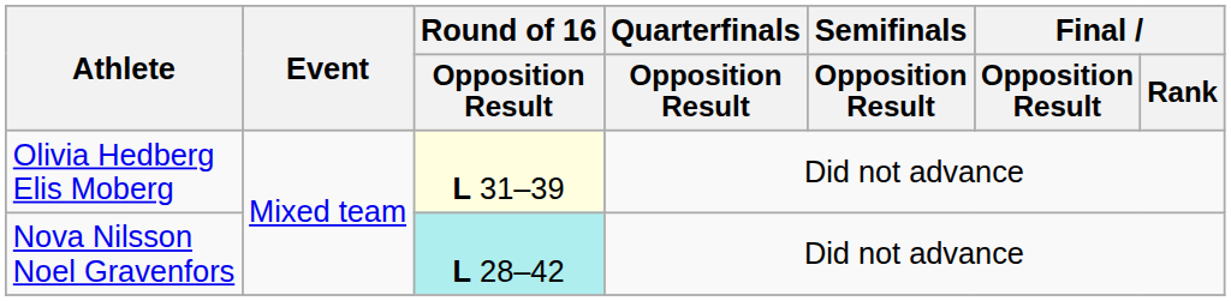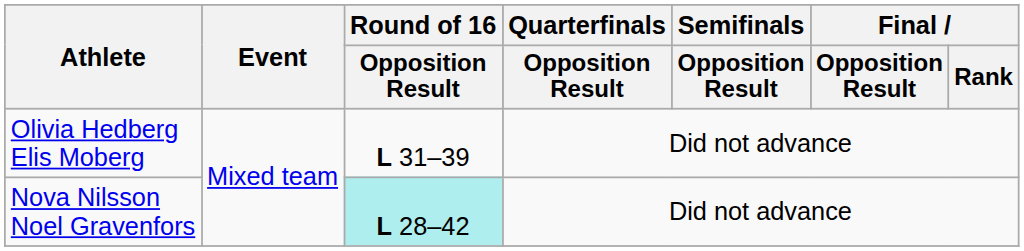 <table class="wikitable" style="font-size:90%">
 <tr>
 <th rowspan="2">Athlete</th>
 <th rowspan="2">Event</th>
 <th>Round of 16</th>
 <th>Quarterfinals</th>
 <th>Semifinals</th>
 <th colspan=2>Final / </th>
 </tr>
 <tr style="font-size:95%">
 <th>Opposition<br>Result</th>
 <th>Opposition<br>Result</th>
 <th>Opposition<br>Result</th>
 <th>Opposition<br>Result</th>
 <th>Rank</th>
 </tr>
 <tr align=center>
 <td align=left><a href='#'>Olivia Hedberg</a><br><a href='#'>Elis Moberg</a></td>
 <td align=left rowspan=2><a href='#'>Mixed team</a></td>
-<td style="background: lightyellow;"><br><strong>L</strong> 31–39</td>
+<td><br><strong>L</strong> 31–39</td>
 <td colspan=4>Did not advance</td>
 </tr>
 <tr align=center>
 <td align=left><a href='#'>Nova Nilsson</a><br><a href='#'>Noel Gravenfors</a></td>
 <td style="background: paleturquoise;"><br><strong>L</strong> 28–42</td>
 <td colspan=4>Did not advance</td>
 </tr>
 </table>
